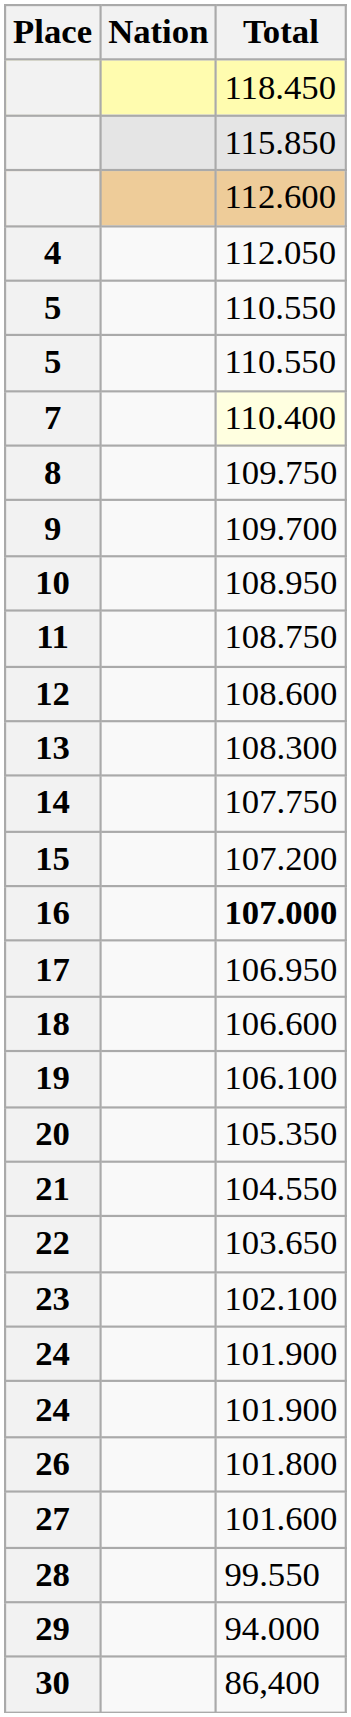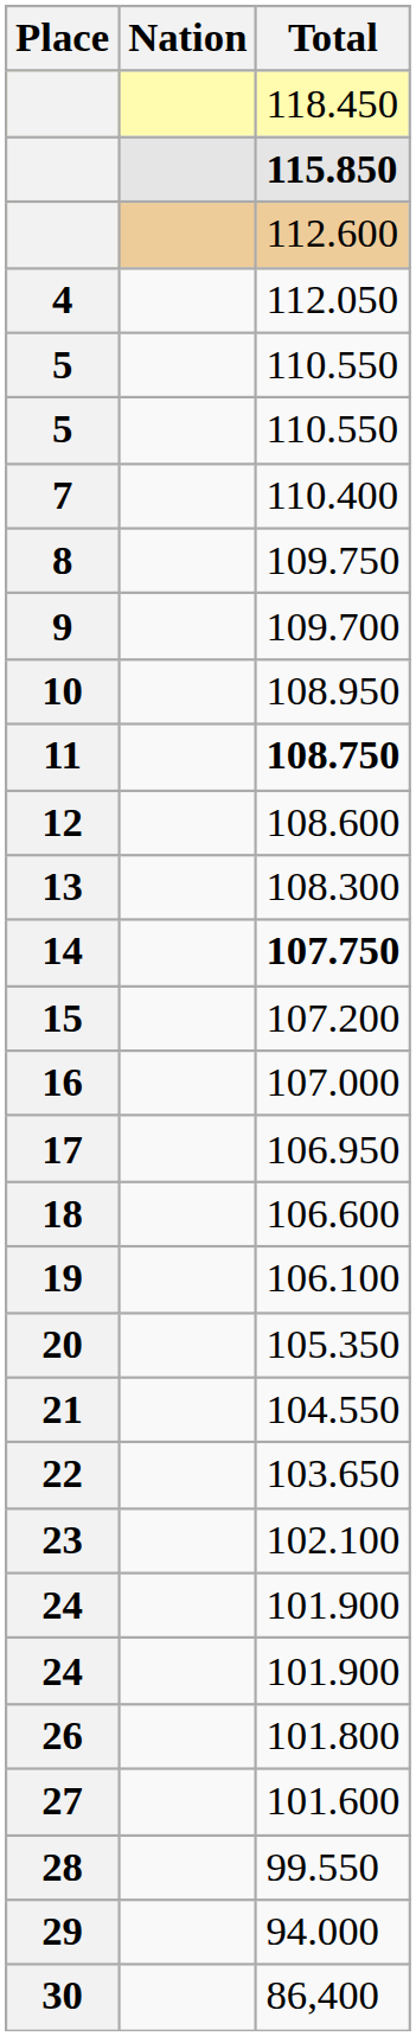 <table class="wikitable sortable">
 <tr>
 <th>Place</th>
 <th>Nation</th>
 <th>Total</th>
 </tr>
 <tr bgcolor=fffcaf>
 <th></th>
 <td></td>
 <td>118.450</td>
 </tr>
 <tr bgcolor=e5e5e5>
 <th></th>
 <td></td>
-<td>115.850</td>
+<td><strong>115.850</strong></td>
 </tr>
 <tr bgcolor=eecc99>
 <th></th>
 <td></td>
 <td>112.600</td>
 </tr>
 <tr>
 <th>4</th>
 <td></td>
 <td>112.050</td>
 </tr>
 <tr>
 <th>5</th>
 <td></td>
 <td>110.550</td>
 </tr>
 <tr>
 <th>5</th>
 <td></td>
 <td>110.550</td>
 </tr>
 <tr>
 <th>7</th>
 <td></td>
-<td style="background: lightyellow;">110.400</td>
+<td>110.400</td>
 </tr>
 <tr>
 <th>8</th>
 <td></td>
 <td>109.750</td>
 </tr>
 <tr>
 <th>9</th>
 <td></td>
 <td>109.700</td>
 </tr>
 <tr>
 <th>10</th>
 <td></td>
 <td>108.950</td>
 </tr>
 <tr>
 <th>11</th>
 <td></td>
-<td>108.750</td>
+<td><strong>108.750</strong></td>
 </tr>
 <tr>
 <th>12</th>
 <td></td>
 <td>108.600</td>
 </tr>
 <tr>
 <th>13</th>
 <td></td>
 <td>108.300</td>
 </tr>
 <tr>
 <th>14</th>
 <td></td>
-<td>107.750</td>
+<td><strong>107.750</strong></td>
 </tr>
 <tr>
 <th>15</th>
 <td></td>
 <td>107.200</td>
 </tr>
 <tr>
 <th>16</th>
 <td></td>
-<td><strong>107.000</strong></td>
+<td>107.000</td>
 </tr>
 <tr>
 <th>17</th>
 <td></td>
 <td>106.950</td>
 </tr>
 <tr>
 <th>18</th>
 <td></td>
 <td>106.600</td>
 </tr>
 <tr>
 <th>19</th>
 <td></td>
 <td>106.100</td>
 </tr>
 <tr>
 <th>20</th>
 <td></td>
 <td>105.350</td>
 </tr>
 <tr>
 <th>21</th>
 <td></td>
 <td>104.550</td>
 </tr>
 <tr>
 <th>22</th>
 <td></td>
 <td>103.650</td>
 </tr>
 <tr>
 <th>23</th>
 <td></td>
 <td>102.100</td>
 </tr>
 <tr>
 <th>24</th>
 <td></td>
 <td>101.900</td>
 </tr>
 <tr>
 <th>24</th>
 <td></td>
 <td>101.900</td>
 </tr>
 <tr>
 <th>26</th>
 <td></td>
 <td>101.800</td>
 </tr>
 <tr>
 <th>27</th>
 <td></td>
 <td>101.600</td>
 </tr>
 <tr>
 <th>28</th>
 <td></td>
 <td>99.550</td>
 </tr>
 <tr>
 <th>29</th>
 <td></td>
 <td>94.000</td>
 </tr>
 <tr>
 <th>30</th>
 <td></td>
 <td>86,400</td>
 </tr>
 <tr>
 </tr>
 </table>
